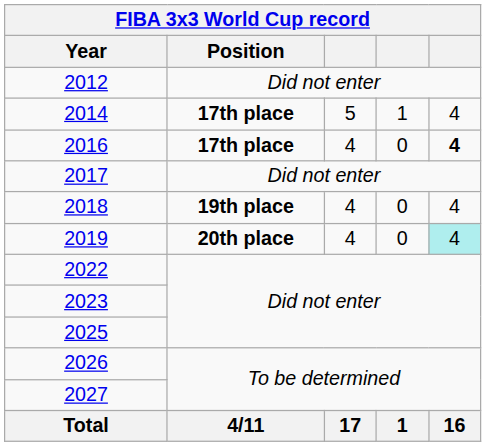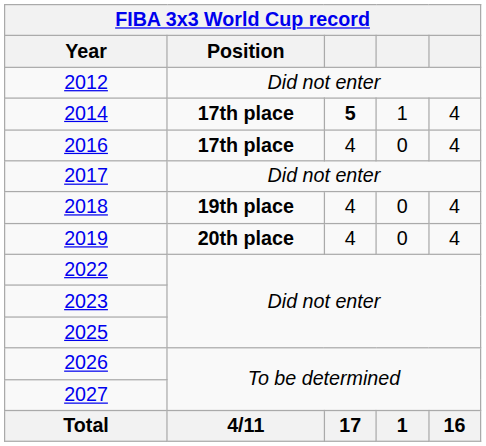 <table class="wikitable" style="text-align: center;">
 <tr>
 <th colspan=9><a href='#'>FIBA 3x3 World Cup record</a></th>
 </tr>
 <tr>
 <th width=125>Year</th>
 <th width=120>Position</th>
 <th width=35></th>
 <th width=35></th>
 <th width=35></th>
 </tr>
 <tr>
 <td> <a href='#'>2012</a></td>
 <td colspan=9><em>Did not enter</em></td>
 </tr>
 <tr>
 <td> <a href='#'>2014</a></td>
 <td><strong>17th place</strong></td>
-<td>5</td>
+<td><strong>5</strong></td>
 <td>1</td>
 <td>4</td>
 </tr>
 <tr>
 <td> <a href='#'>2016</a></td>
 <td><strong>17th place</strong></td>
 <td>4</td>
 <td>0</td>
-<td><strong>4</strong></td>
+<td>4</td>
 </tr>
 <tr>
 <td> <a href='#'>2017</a></td>
 <td colspan=9><em>Did not enter</em></td>
 </tr>
 <tr>
 <td> <a href='#'>2018</a></td>
 <td><strong>19th place</strong></td>
 <td>4</td>
 <td>0</td>
 <td>4</td>
 </tr>
 <tr>
 <td> <a href='#'>2019</a></td>
 <td><strong>20th place</strong></td>
 <td>4</td>
 <td>0</td>
-<td style="background: paleturquoise;">4</td>
+<td>4</td>
 </tr>
 <tr>
 <td> <a href='#'>2022</a></td>
 <td colspan=9 rowspan=3><em>Did not enter</em></td>
 </tr>
 <tr>
 <td> <a href='#'>2023</a></td>
 </tr>
 <tr>
 <td> <a href='#'>2025</a></td>
 </tr>
 <tr>
 <td> <a href='#'>2026</a></td>
 <td colspan=9 rowspan=2><em>To be determined</em></td>
 </tr>
 <tr>
 <td> <a href='#'>2027</a></td>
 </tr>
 <tr>
 <th>Total</th>
 <th>4/11</th>
 <th>17</th>
 <th>1</th>
 <th>16</th>
 </tr>
 </table>
